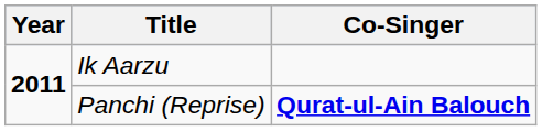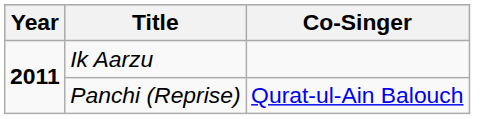 <table class="wikitable">
 <tr style="background:#b0c4de; text-align:center;">
 <th>Year</th>
 <th>Title</th>
 <th>Co-Singer</th>
 </tr>
 <tr>
 <td rowspan="2"><strong>2011</strong></td>
 <td><em>Ik Aarzu</em></td>
 <td></td>
 </tr>
 <tr>
 <td><em>Panchi (Reprise)</em></td>
-<td><strong><a href='#'>Qurat-ul-Ain Balouch</a></strong></td>
+<td><a href='#'>Qurat-ul-Ain Balouch</a></td>
 </tr>
 </table>
